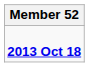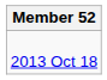 <table class=wikitable align=right>
 <tr>
 <th>Member 52</th>
 </tr>
 <tr>
-<td><strong><br><a href='#'>2013 Oct 18</a></strong></td>
+<td><br><a href='#'>2013 Oct 18</a></td>
 </tr>
 </table>
